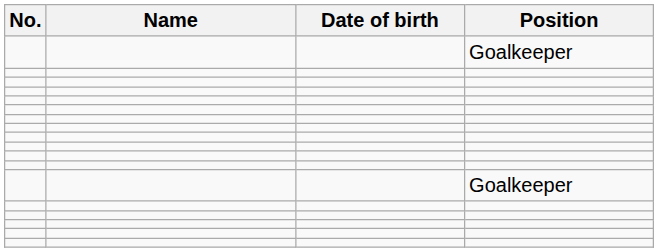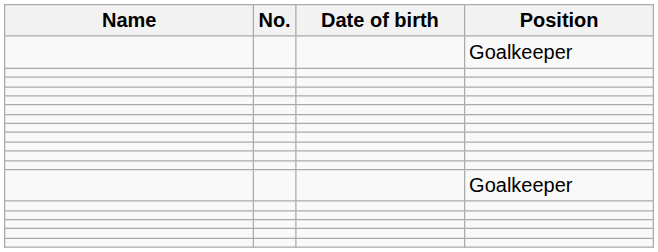 <table class="wikitable sortable" style=font-size:100%; text-align:center;>
 <tr>
+<th style=width:12em>Name</th>
 <th>No.</th>
-<th style=width:12em>Name</th>
 <th style=width:8em>Date of birth</th>
 <th style=width:9em>Position</th>
 </tr>
 <tr>
+<td align=left></td>
 <td></td>
-<td align=left></td>
 <td align=right></td>
 <td>Goalkeeper</td>
 </tr>
 <tr>
+<td align=left></td>
 <td></td>
-<td align=left></td>
 <td align=right></td>
 <td></td>
 </tr>
 <tr>
+<td align=left></td>
 <td></td>
-<td align=left></td>
 <td align=right></td>
 <td></td>
 </tr>
 <tr>
+<td align=left></td>
 <td></td>
-<td align=left></td>
 <td align=right></td>
 <td></td>
 </tr>
 <tr>
+<td align=left></td>
 <td></td>
-<td align=left></td>
 <td align=right></td>
 <td></td>
 </tr>
 <tr>
+<td align=left></td>
 <td></td>
-<td align=left></td>
 <td align=right></td>
 <td></td>
 </tr>
 <tr>
+<td align=left></td>
 <td></td>
-<td align=left></td>
 <td align=right></td>
 <td></td>
 </tr>
 <tr>
+<td align=left></td>
 <td></td>
-<td align=left></td>
 <td align=right></td>
 <td></td>
 </tr>
 <tr>
+<td align=left></td>
 <td></td>
-<td align=left></td>
 <td align=right></td>
 <td></td>
 </tr>
 <tr>
+<td align=left></td>
 <td></td>
-<td align=left></td>
 <td align=right></td>
 <td></td>
 </tr>
 <tr>
+<td align=left></td>
 <td></td>
-<td align=left></td>
 <td align=right></td>
 <td></td>
 </tr>
 <tr>
+<td align=left></td>
 <td></td>
-<td align=left></td>
 <td align=right></td>
 <td></td>
 </tr>
 <tr>
+<td align=left></td>
 <td></td>
-<td align=left></td>
 <td align=right></td>
 <td>Goalkeeper</td>
 </tr>
 <tr>
+<td align=left></td>
 <td></td>
-<td align=left></td>
 <td align=right></td>
 <td></td>
 </tr>
 <tr>
+<td align=left></td>
 <td></td>
-<td align=left></td>
 <td align=right></td>
 <td></td>
 </tr>
 <tr>
+<td align=left></td>
 <td></td>
-<td align=left></td>
 <td align=right></td>
 <td></td>
 </tr>
 <tr>
+<td align=left></td>
 <td></td>
-<td align=left></td>
 <td align=right></td>
 <td></td>
 </tr>
 <tr>
+<td align=left></td>
 <td></td>
-<td align=left></td>
 <td align=right></td>
 <td></td>
 </tr>
 </table>
